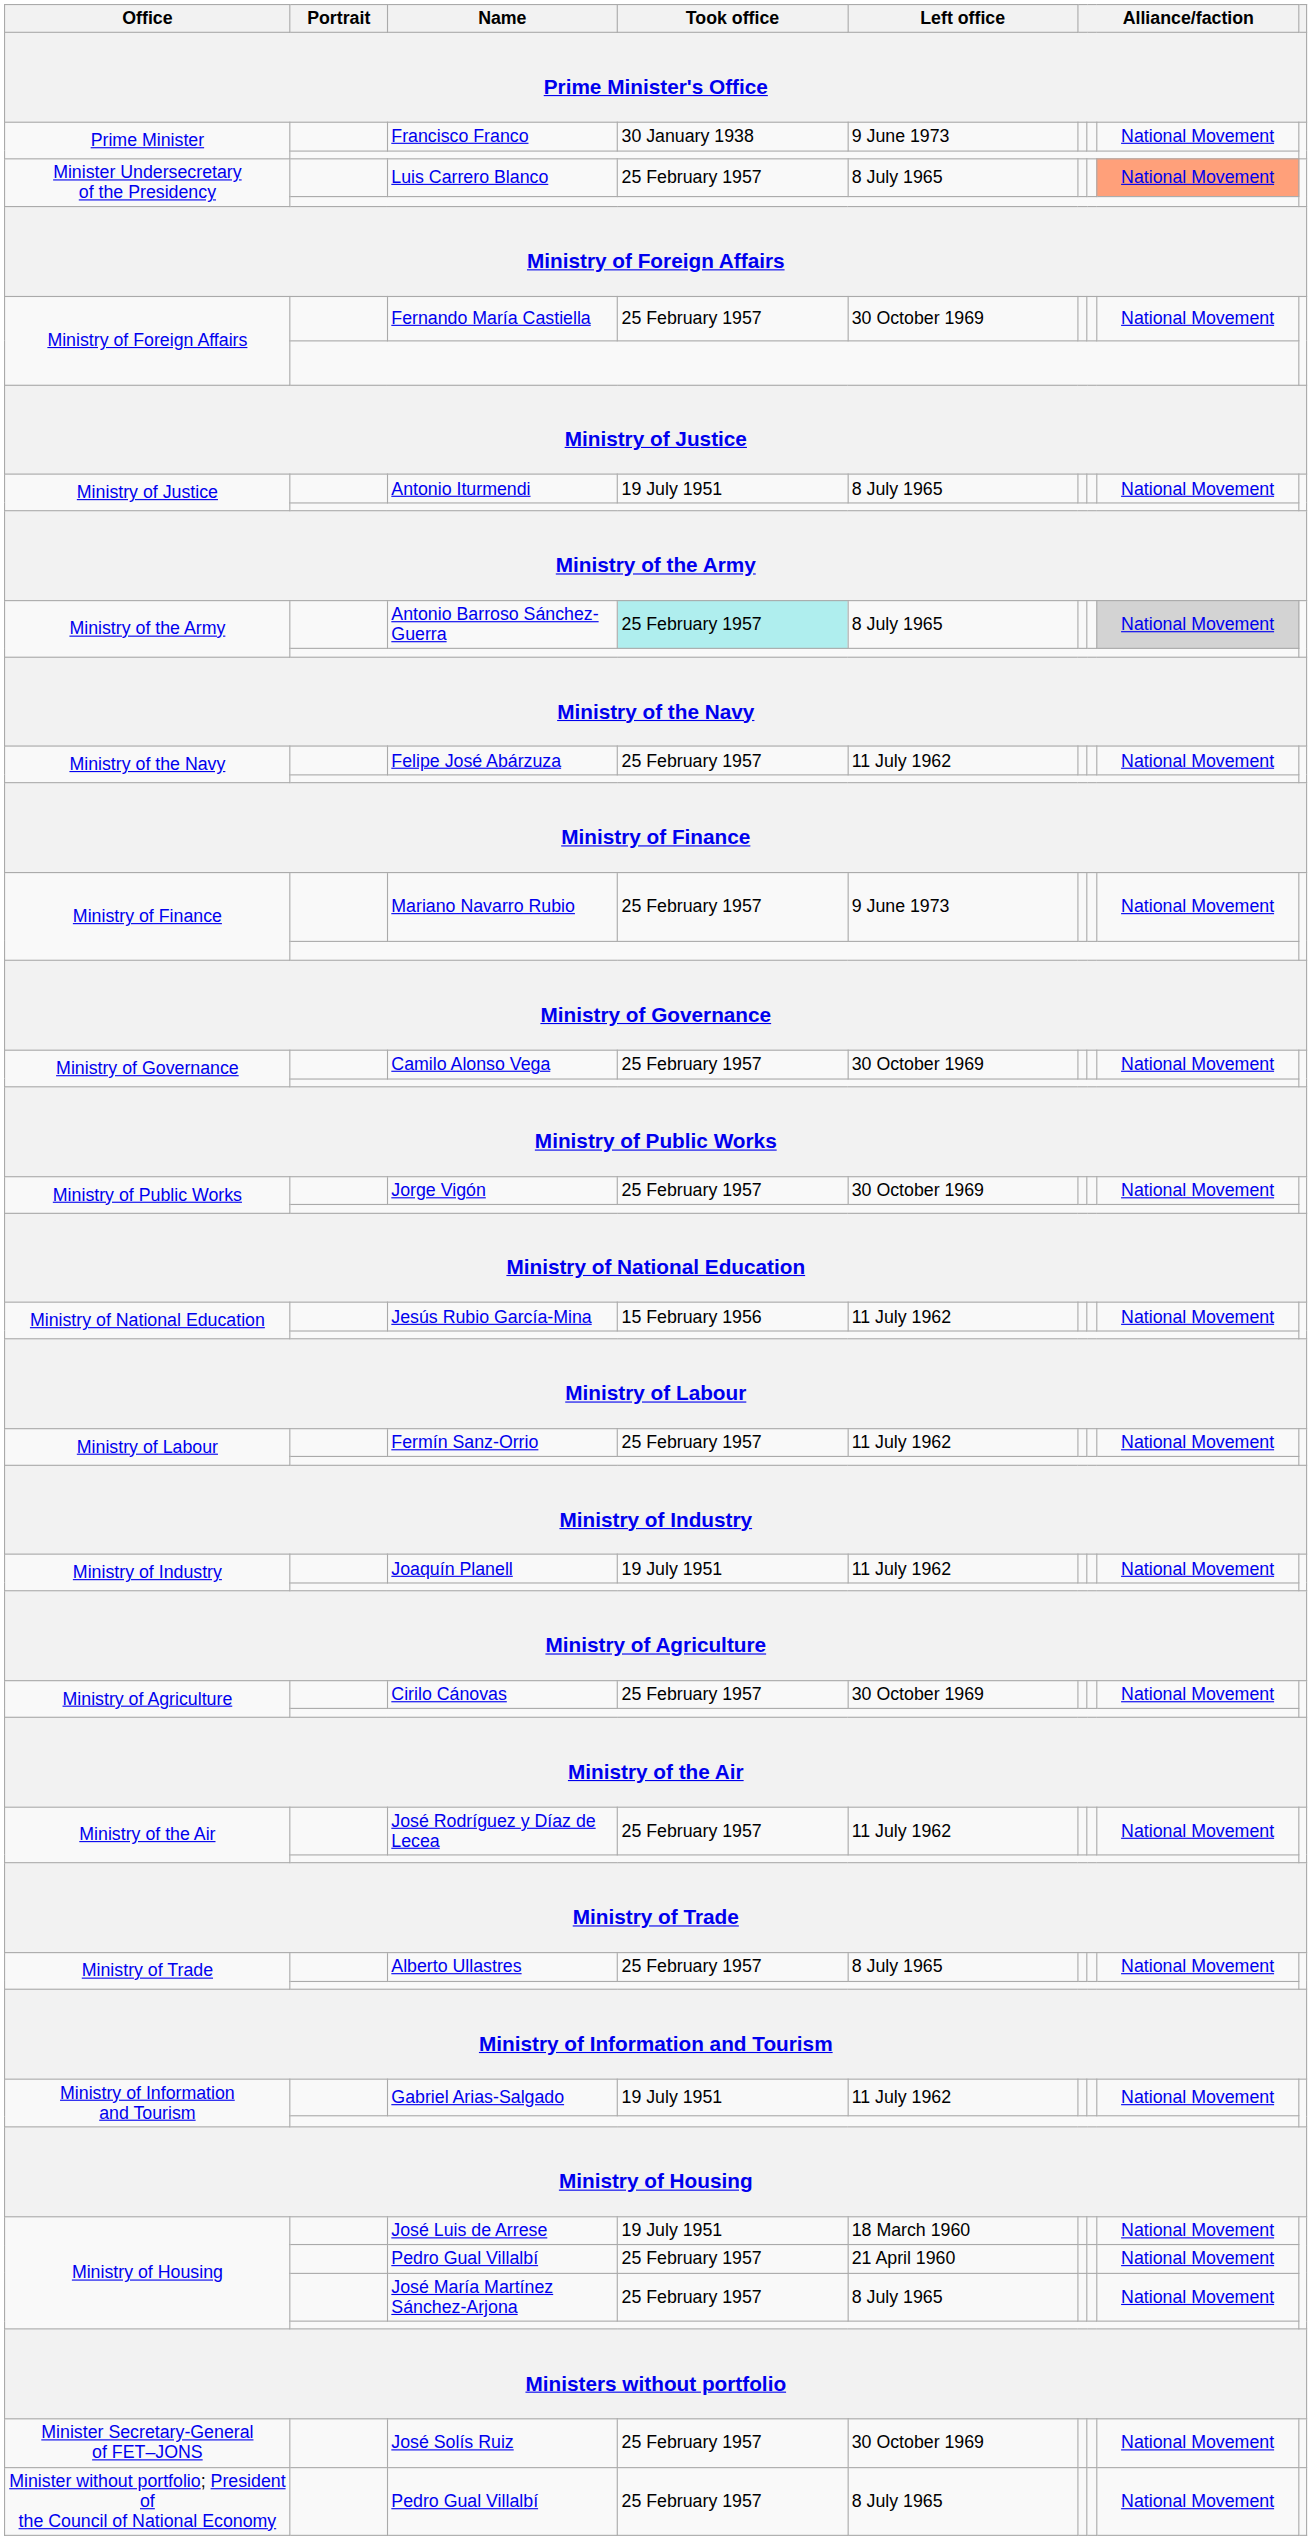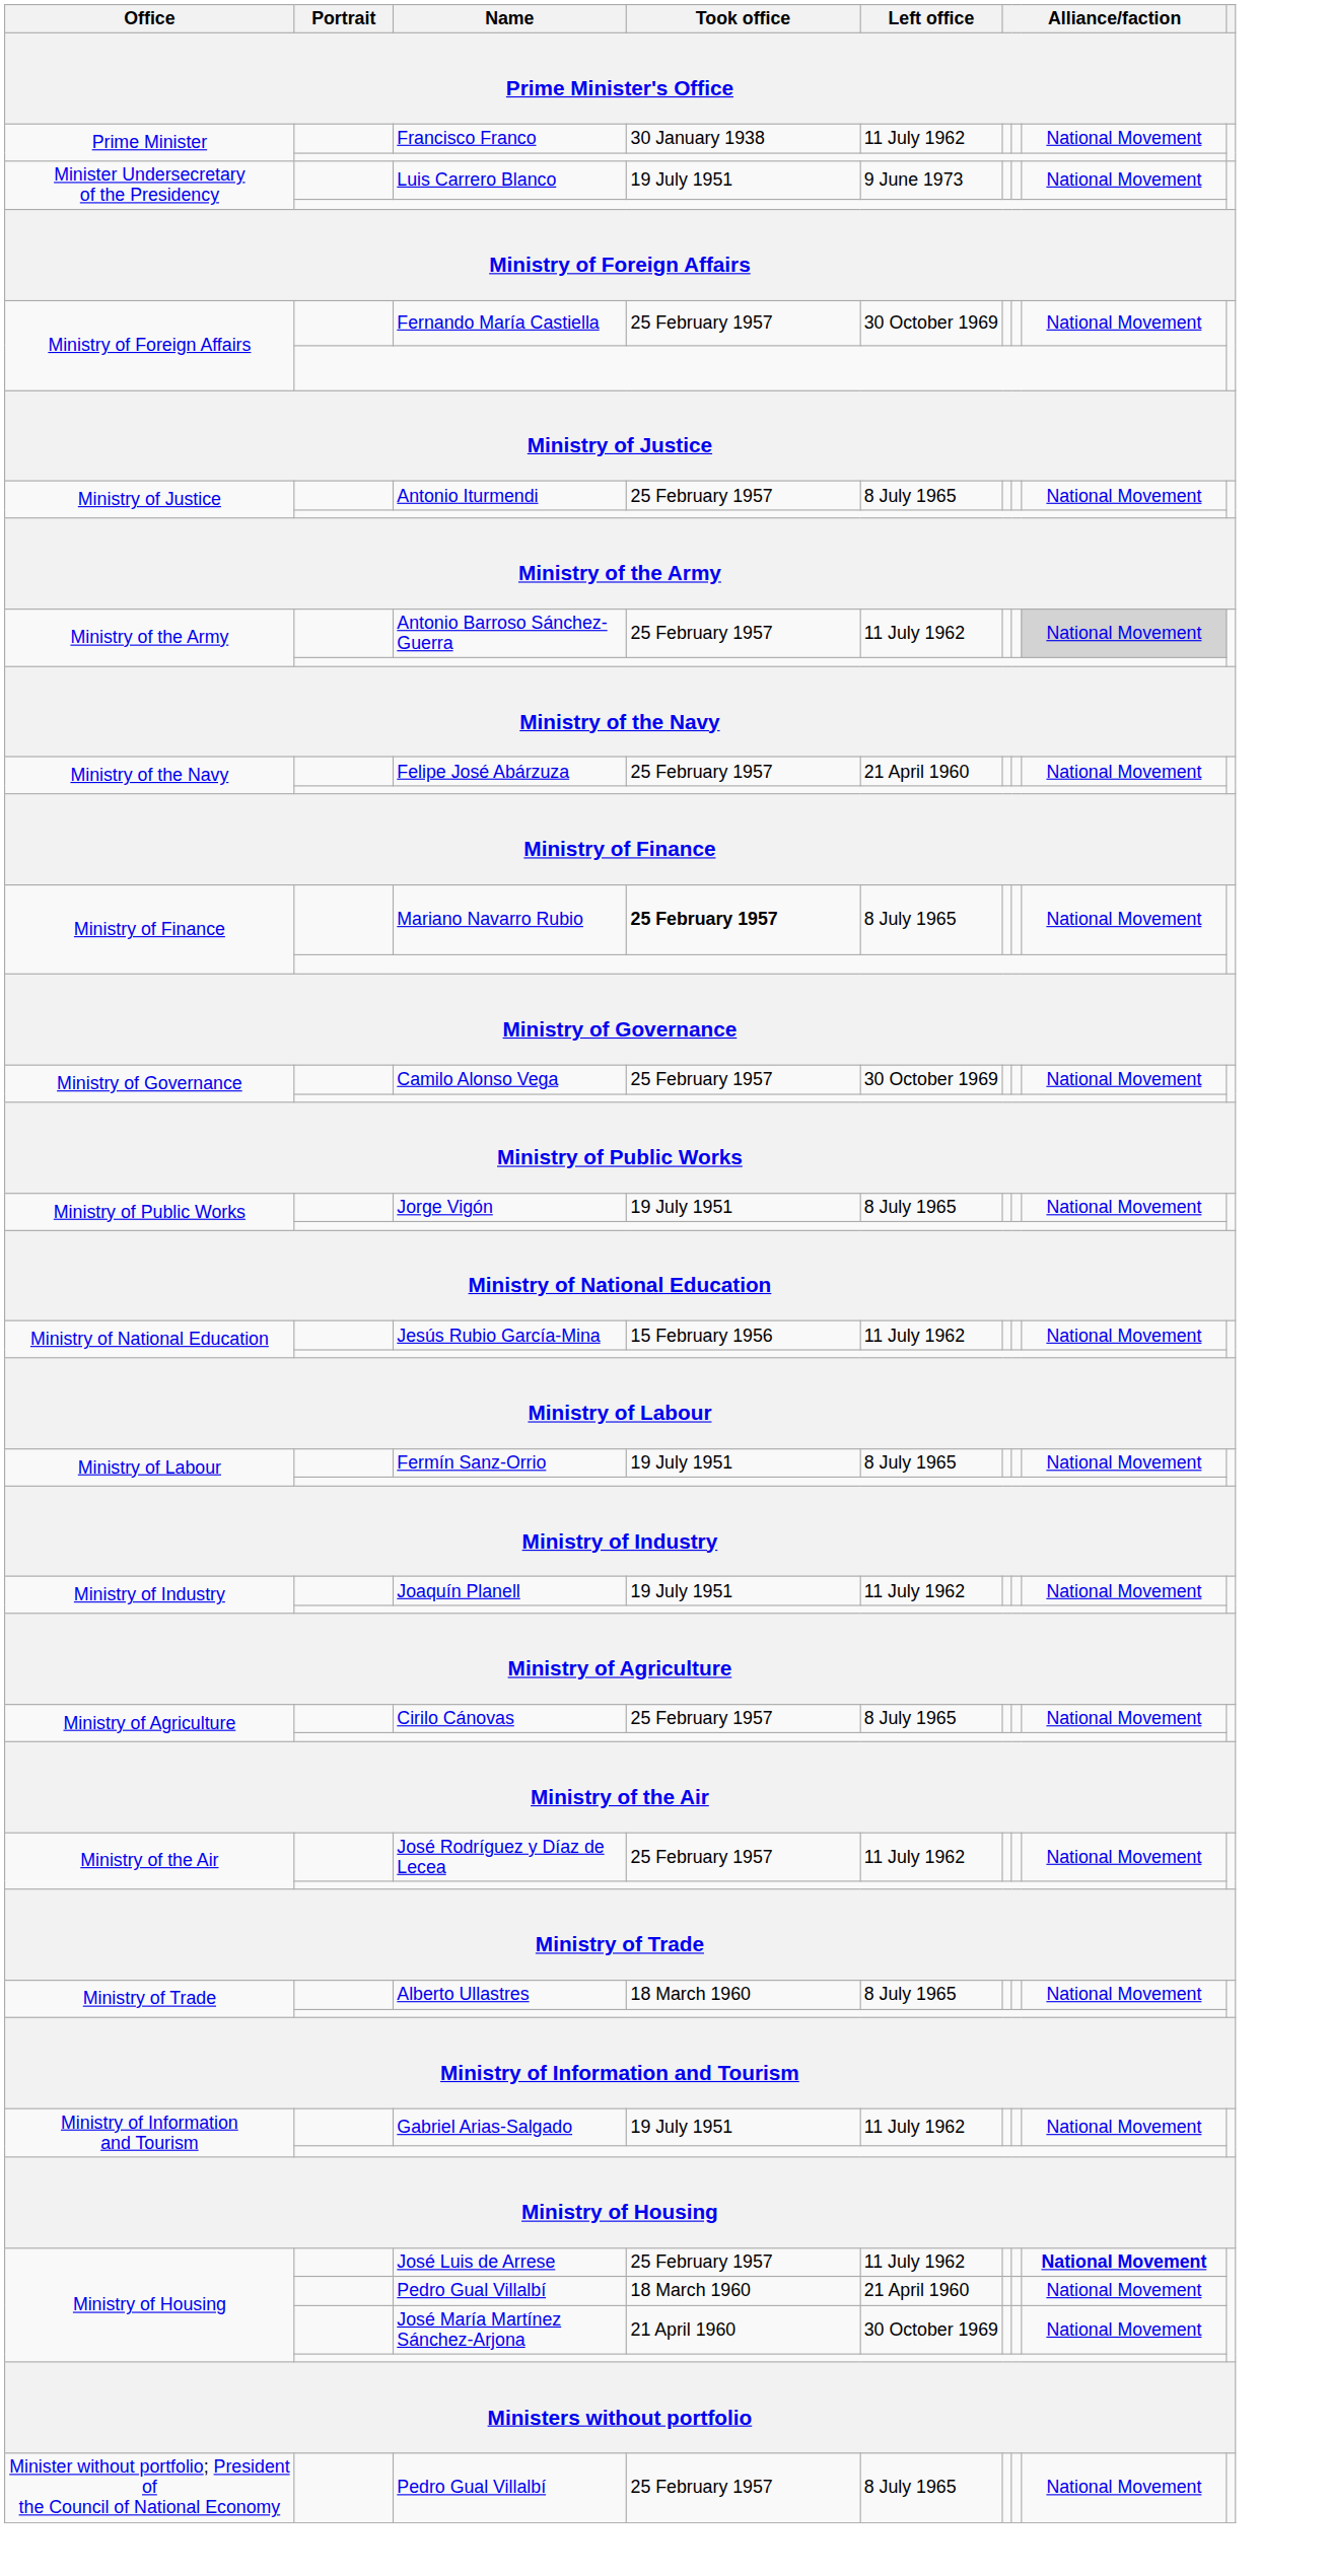 <table class="wikitable" style="line-height:18px;">
 <tr>
 <th scope="col">Office<br></th>
 <th scope="col">Portrait</th>
 <th scope="col">Name</th>
 <th scope="col">Took office</th>
 <th scope="col">Left office</th>
 <th colspan="3" scope="col">Alliance/faction</th>
 <th></th>
 </tr>
 <tr>
 <th colspan="9"><br><h3><a href='#'>Prime Minister's Office</a></h3></th>
 </tr>
 <tr>
 <td align="center" rowspan="2" width="250"><a href='#'>Prime Minister</a><br></td>
 <td width="80"></td>
 <td width="200"><a href='#'>Francisco Franco</a></td>
 <td width="200">30 January 1938</td>
-<td width="200">9 June 1973</td>
+<td>11 July 1962</td>
 <td width="1" style="background-color:"></td>
 <td width="1" style="background-color:"></td>
 <td width="175" align="center"><a href='#'>National Movement</a><br></td>
 <td align="center" rowspan="2"></td>
 </tr>
 <tr>
 <td colspan="7"></td>
 </tr>
 <tr>
 <td align="center" rowspan="2"><a href='#'>Minister Undersecretary<br>of the Presidency</a><br></td>
 <td></td>
 <td><a href='#'>Luis Carrero Blanco</a></td>
-<td>25 February 1957</td>
-<td>8 July 1965</td>
+<td>19 July 1951</td>
+<td>9 June 1973</td>
 <td style="background-color:"></td>
 <td style="background-color:"></td>
-<td align="center" style="background: lightsalmon;"><a href='#'>National Movement</a><br></td>
+<td align="center"><a href='#'>National Movement</a><br></td>
 <td align="center" rowspan="2"></td>
 </tr>
 <tr>
 <td colspan="7"></td>
 </tr>
 <tr>
 <th colspan="9"><br><h3><a href='#'>Ministry of Foreign Affairs</a></h3></th>
 </tr>
 <tr>
 <td align="center" rowspan="2"><a href='#'>Ministry of Foreign Affairs</a><br></td>
 <td></td>
 <td><a href='#'>Fernando María Castiella</a></td>
 <td>25 February 1957</td>
 <td>30 October 1969</td>
 <td style="background-color:"></td>
 <td style="background-color:"></td>
 <td align="center"><a href='#'>National Movement</a><br></td>
 <td align="center" rowspan="2"><br><br><br><br></td>
 </tr>
 <tr>
 <td colspan="7"><br> </td>
 </tr>
 <tr>
 <th colspan="9"><br><h3><a href='#'>Ministry of Justice</a></h3></th>
 </tr>
 <tr>
 <td align="center" rowspan="2"><a href='#'>Ministry of Justice</a><br></td>
 <td></td>
 <td><a href='#'>Antonio Iturmendi</a></td>
-<td>19 July 1951</td>
+<td>25 February 1957</td>
 <td>8 July 1965</td>
 <td style="background-color:"></td>
 <td style="background-color:"></td>
 <td align="center"><a href='#'>National Movement</a><br></td>
 <td align="center" rowspan="2"></td>
 </tr>
 <tr>
 <td colspan="7"></td>
 </tr>
 <tr>
 <th colspan="9"><br><h3><a href='#'>Ministry of the Army</a></h3></th>
 </tr>
 <tr>
 <td align="center" rowspan="2"><a href='#'>Ministry of the Army</a><br></td>
 <td></td>
 <td><a href='#'>Antonio Barroso Sánchez-Guerra</a></td>
-<td style="background: paleturquoise;">25 February 1957</td>
-<td>8 July 1965</td>
+<td>25 February 1957</td>
+<td>11 July 1962</td>
 <td style="background-color:"></td>
 <td style="background-color:"></td>
 <td align="center" style="background: lightgrey;"><a href='#'>National Movement</a><br></td>
 <td align="center" rowspan="2"></td>
 </tr>
 <tr>
 <td colspan="7"></td>
 </tr>
 <tr>
 <th colspan="9"><br><h3><a href='#'>Ministry of the Navy</a></h3></th>
 </tr>
 <tr>
 <td align="center" rowspan="2"><a href='#'>Ministry of the Navy</a><br></td>
 <td></td>
 <td><a href='#'>Felipe José Abárzuza</a></td>
 <td>25 February 1957</td>
-<td>11 July 1962</td>
+<td>21 April 1960</td>
 <td style="background-color:"></td>
 <td style="background-color:"></td>
 <td align="center"><a href='#'>National Movement</a><br></td>
 <td align="center" rowspan="2"></td>
 </tr>
 <tr>
 <td colspan="7"></td>
 </tr>
 <tr>
 <th colspan="9"><br><h3><a href='#'>Ministry of Finance</a></h3></th>
 </tr>
 <tr>
 <td align="center" rowspan="2"><a href='#'>Ministry of Finance</a><br></td>
 <td></td>
 <td><a href='#'>Mariano Navarro Rubio</a></td>
-<td>25 February 1957</td>
-<td>9 June 1973</td>
+<td><strong>25 February 1957</strong></td>
+<td>8 July 1965</td>
 <td style="background-color:"></td>
 <td style="background-color:"></td>
 <td align="center"><a href='#'>National Movement</a><br></td>
 <td align="center" rowspan="2"><br><br><br><br></td>
 </tr>
 <tr>
 <td colspan="7"></td>
 </tr>
 <tr>
 <th colspan="9"><br><h3><a href='#'>Ministry of Governance</a></h3></th>
 </tr>
 <tr>
 <td align="center" rowspan="2"><a href='#'>Ministry of Governance</a><br></td>
 <td></td>
 <td><a href='#'>Camilo Alonso Vega</a></td>
 <td>25 February 1957</td>
 <td>30 October 1969</td>
 <td style="background-color:"></td>
 <td style="background-color:"></td>
 <td align="center"><a href='#'>National Movement</a><br></td>
 <td align="center" rowspan="2"></td>
 </tr>
 <tr>
 <td colspan="7"></td>
 </tr>
 <tr>
 <th colspan="9"><br><h3><a href='#'>Ministry of Public Works</a></h3></th>
 </tr>
 <tr>
 <td align="center" rowspan="2"><a href='#'>Ministry of Public Works</a><br></td>
 <td></td>
 <td><a href='#'>Jorge Vigón</a></td>
-<td>25 February 1957</td>
-<td>30 October 1969</td>
+<td>19 July 1951</td>
+<td>8 July 1965</td>
 <td style="background-color:"></td>
 <td style="background-color:"></td>
 <td align="center"><a href='#'>National Movement</a><br></td>
 <td align="center" rowspan="2"></td>
 </tr>
 <tr>
 <td colspan="7"></td>
 </tr>
 <tr>
 <th colspan="9"><br><h3><a href='#'>Ministry of National Education</a></h3></th>
 </tr>
 <tr>
 <td align="center" rowspan="2"><a href='#'>Ministry of National Education</a><br></td>
 <td></td>
 <td><a href='#'>Jesús Rubio García-Mina</a></td>
 <td>15 February 1956</td>
 <td>11 July 1962</td>
 <td style="background-color:"></td>
 <td style="background-color:"></td>
 <td align="center"><a href='#'>National Movement</a><br></td>
 <td align="center" rowspan="2"></td>
 </tr>
 <tr>
 <td colspan="7"></td>
 </tr>
 <tr>
 <th colspan="9"><br><h3><a href='#'>Ministry of Labour</a></h3></th>
 </tr>
 <tr>
 <td align="center" rowspan="2"><a href='#'>Ministry of Labour</a><br></td>
 <td></td>
 <td><a href='#'>Fermín Sanz-Orrio</a></td>
-<td>25 February 1957</td>
-<td>11 July 1962</td>
+<td>19 July 1951</td>
+<td>8 July 1965</td>
 <td style="background-color:"></td>
 <td style="background-color:"></td>
 <td align="center"><a href='#'>National Movement</a><br></td>
 <td align="center" rowspan="2"></td>
 </tr>
 <tr>
 <td colspan="7"></td>
 </tr>
 <tr>
 <th colspan="9"><br><h3><a href='#'>Ministry of Industry</a></h3></th>
 </tr>
 <tr>
 <td align="center" rowspan="2"><a href='#'>Ministry of Industry</a><br></td>
 <td></td>
 <td><a href='#'>Joaquín Planell</a></td>
 <td>19 July 1951</td>
 <td>11 July 1962</td>
 <td style="background-color:"></td>
 <td style="background-color:"></td>
 <td align="center"><a href='#'>National Movement</a><br></td>
 <td align="center" rowspan="2"><br></td>
 </tr>
 <tr>
 <td colspan="7"></td>
 </tr>
 <tr>
 <th colspan="9"><br><h3><a href='#'>Ministry of Agriculture</a></h3></th>
 </tr>
 <tr>
 <td align="center" rowspan="2"><a href='#'>Ministry of Agriculture</a><br></td>
 <td></td>
 <td><a href='#'>Cirilo Cánovas</a></td>
 <td>25 February 1957</td>
-<td>30 October 1969</td>
+<td>8 July 1965</td>
 <td style="background-color:"></td>
 <td style="background-color:"></td>
 <td align="center"><a href='#'>National Movement</a><br></td>
 <td align="center" rowspan="2"></td>
 </tr>
 <tr>
 <td colspan="7"></td>
 </tr>
 <tr>
 <th colspan="9"><br><h3><a href='#'>Ministry of the Air</a></h3></th>
 </tr>
 <tr>
 <td align="center" rowspan="2"><a href='#'>Ministry of the Air</a><br></td>
 <td></td>
 <td><a href='#'>José Rodríguez y Díaz de Lecea</a></td>
 <td>25 February 1957</td>
 <td>11 July 1962</td>
 <td style="background-color:"></td>
 <td style="background-color:"></td>
 <td align="center"><a href='#'>National Movement</a><br></td>
 <td align="center" rowspan="2"></td>
 </tr>
 <tr>
 <td colspan="7"></td>
 </tr>
 <tr>
 <th colspan="9"><br><h3><a href='#'>Ministry of Trade</a></h3></th>
 </tr>
 <tr>
 <td align="center" rowspan="2"><a href='#'>Ministry of Trade</a><br></td>
 <td></td>
 <td><a href='#'>Alberto Ullastres</a></td>
-<td>25 February 1957</td>
+<td>18 March 1960</td>
 <td>8 July 1965</td>
 <td style="background-color:"></td>
 <td style="background-color:"></td>
 <td align="center"><a href='#'>National Movement</a><br></td>
 <td align="center" rowspan="2"><br></td>
 </tr>
 <tr>
 <td colspan="7"></td>
 </tr>
 <tr>
 <th colspan="9"><br><h3><a href='#'>Ministry of Information and Tourism</a></h3></th>
 </tr>
 <tr>
 <td align="center" rowspan="2"><a href='#'>Ministry of Information<br>and Tourism</a><br></td>
 <td></td>
 <td><a href='#'>Gabriel Arias-Salgado</a></td>
 <td>19 July 1951</td>
 <td>11 July 1962</td>
 <td style="background-color:"></td>
 <td style="background-color:"></td>
 <td align="center"><a href='#'>National Movement</a><br></td>
 <td align="center" rowspan="2"></td>
 </tr>
 <tr>
 <td colspan="7"></td>
 </tr>
 <tr>
 <th colspan="9"><br><h3><a href='#'>Ministry of Housing</a></h3></th>
 </tr>
 <tr>
 <td align="center" rowspan="4"><a href='#'>Ministry of Housing</a><br></td>
 <td></td>
 <td><a href='#'>José Luis de Arrese</a></td>
-<td>19 July 1951</td>
-<td>18 March 1960</td>
+<td>25 February 1957</td>
+<td>11 July 1962</td>
 <td style="background-color:"></td>
 <td style="background-color:"></td>
-<td align="center"><a href='#'>National Movement</a><br></td>
+<td align="center"><strong><a href='#'>National Movement</a><br></strong></td>
 <td align="center" rowspan="4"><br><br></td>
 </tr>
 <tr>
 <td></td>
 <td><a href='#'>Pedro Gual Villalbí</a><br></td>
-<td>25 February 1957</td>
+<td>18 March 1960</td>
 <td>21 April 1960</td>
 <td style="background-color:"></td>
 <td style="background-color:"></td>
 <td align="center"><a href='#'>National Movement</a><br></td>
 </tr>
 <tr>
 <td></td>
 <td><a href='#'>José María Martínez<br>Sánchez-Arjona</a></td>
-<td>25 February 1957</td>
-<td>8 July 1965</td>
+<td>21 April 1960</td>
+<td>30 October 1969</td>
 <td style="background-color:"></td>
 <td style="background-color:"></td>
 <td align="center"><a href='#'>National Movement</a><br></td>
 </tr>
 <tr>
 <td colspan="7"></td>
 </tr>
 <tr>
 <th colspan="9"><br><h3><a href='#'>Ministers without portfolio</a></h3></th>
-</tr>
-<tr>
-<td align="center"><a href='#'>Minister Secretary-General<br>of FET–JONS</a><br></td>
-<td></td>
-<td><a href='#'>José Solís Ruiz</a></td>
-<td>25 February 1957</td>
-<td>30 October 1969</td>
-<td style="background-color:"></td>
-<td style="background-color:"></td>
-<td align="center"><a href='#'>National Movement</a><br></td>
-<td align="center"><br></td>
 </tr>
 <tr>
 <td align="center"><a href='#'>Minister without portfolio</a>; <a href='#'>President of<br>the Council of National Economy</a><br></td>
 <td></td>
 <td><a href='#'>Pedro Gual Villalbí</a></td>
 <td>25 February 1957</td>
 <td>8 July 1965</td>
 <td style="background-color:"></td>
 <td style="background-color:"></td>
 <td align="center"><a href='#'>National Movement</a><br></td>
 <td align="center"></td>
 </tr>
 </table>
